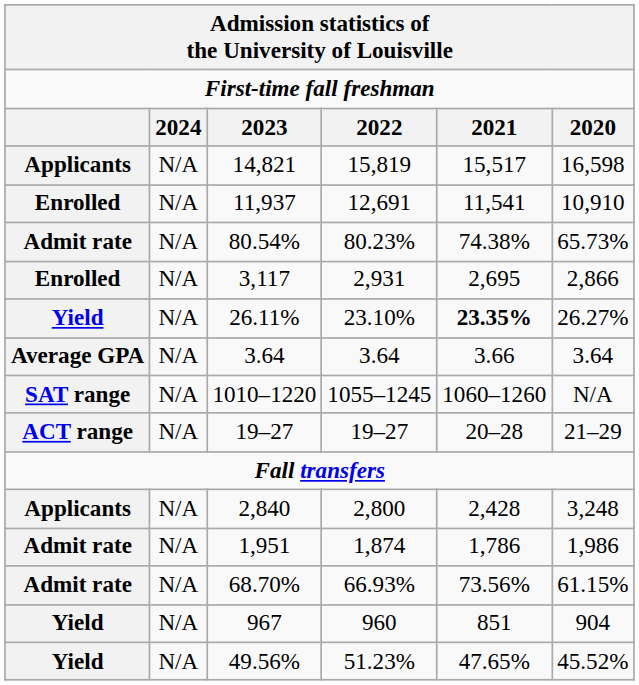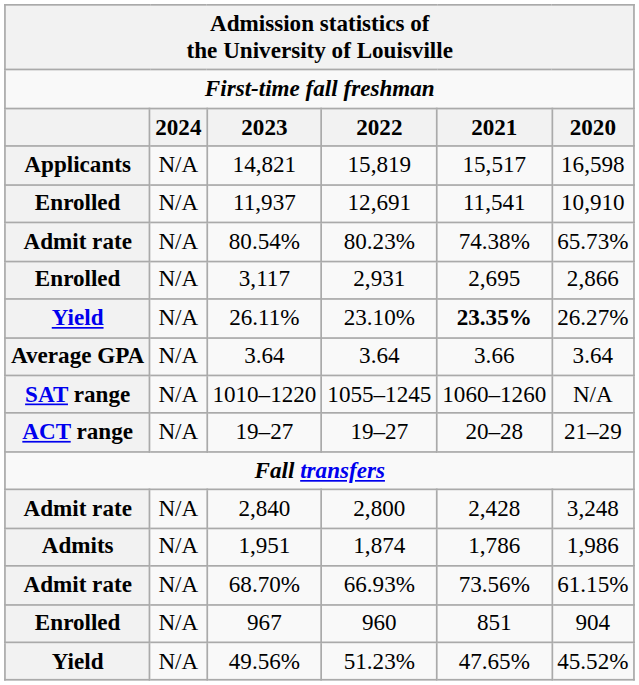 <table class="wikitable" style="float:right; font-size:85%; margin:10px;">
 <tr>
 <th ! colspan="10">Admission statistics of <br>the University of Louisville</th>
 </tr>
 <tr>
 <td colspan=6 style="text-align: center"><strong><em>First-time fall freshman</em></strong></td>
 </tr>
 <tr style="text-align:center;">
 <th></th>
 <th>2024</th>
 <th>2023 </th>
 <th>2022 </th>
 <th>2021 </th>
 <th>2020</th>
 </tr>
 <tr style="text-align:center;">
 <th>Applicants</th>
 <td>N/A</td>
 <td>14,821</td>
 <td>15,819</td>
 <td>15,517</td>
 <td>16,598</td>
 </tr>
 <tr style="text-align:center;">
 <th>Enrolled</th>
 <td>N/A</td>
 <td>11,937</td>
 <td>12,691</td>
 <td>11,541</td>
 <td>10,910</td>
 </tr>
 <tr style="text-align:center;">
 <th>Admit rate</th>
 <td>N/A</td>
 <td>80.54%</td>
 <td>80.23%</td>
 <td>74.38%</td>
 <td>65.73%</td>
 </tr>
 <tr style="text-align:center;">
 <th>Enrolled</th>
 <td>N/A</td>
 <td>3,117</td>
 <td>2,931</td>
 <td>2,695</td>
 <td>2,866</td>
 </tr>
 <tr style="text-align:center;">
 <th><a href='#'>Yield</a></th>
 <td>N/A</td>
 <td>26.11%</td>
 <td>23.10%</td>
 <td><strong>23.35%</strong></td>
 <td>26.27%</td>
 </tr>
 <tr style="text-align:center;">
 <th>Average GPA</th>
 <td>N/A</td>
 <td>3.64</td>
 <td>3.64</td>
 <td>3.66</td>
 <td>3.64</td>
 </tr>
 <tr style="text-align:center;">
 <th><a href='#'>SAT</a> range</th>
 <td>N/A</td>
 <td>1010–1220</td>
 <td>1055–1245</td>
 <td>1060–1260</td>
 <td>N/A</td>
 </tr>
 <tr style="text-align:center;">
 <th><a href='#'>ACT</a> range</th>
 <td>N/A</td>
 <td>19–27</td>
 <td>19–27</td>
 <td>20–28</td>
 <td>21–29</td>
 </tr>
 <tr>
 <td colspan=6 style="text-align: center"><strong><em>Fall <a href='#'>transfers</a></em></strong></td>
 </tr>
 <tr style="text-align:center;">
-<th>Applicants</th>
+<th>Admit rate</th>
 <td>N/A</td>
 <td>2,840</td>
 <td>2,800</td>
 <td>2,428</td>
 <td>3,248</td>
 </tr>
 <tr style="text-align:center;">
-<th>Admit rate</th>
+<th>Admits</th>
 <td>N/A</td>
 <td>1,951</td>
 <td>1,874</td>
 <td>1,786</td>
 <td>1,986</td>
 </tr>
 <tr style="text-align:center;">
 <th>Admit rate</th>
 <td>N/A</td>
 <td>68.70%</td>
 <td>66.93%</td>
 <td>73.56%</td>
 <td>61.15%</td>
 </tr>
 <tr style="text-align:center;">
-<th>Yield</th>
+<th>Enrolled</th>
 <td>N/A</td>
 <td>967</td>
 <td>960</td>
 <td>851</td>
 <td>904</td>
 </tr>
 <tr style="text-align:center;">
 <th>Yield</th>
 <td>N/A</td>
 <td>49.56%</td>
 <td>51.23%</td>
 <td>47.65%</td>
 <td>45.52%</td>
 </tr>
 </table>
